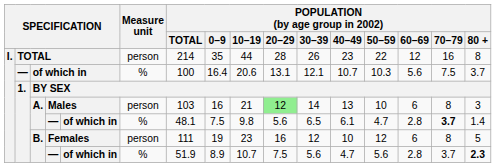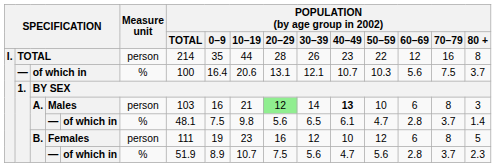 <table class="wikitable" style="font-size:85%; text-align:center">
 <tr>
 <th rowspan="2" colspan="5">SPECIFICATION</th>
 <th rowspan="2">Measure<br> unit</th>
 <th colspan="10" rowspan="1">POPULATION<br> (by age group in 2002)</th>
 </tr>
 <tr>
 <th>TOTAL</th>
 <th>0–9</th>
 <th>10–19</th>
 <th>20–29</th>
 <th>30–39</th>
 <th>40–49</th>
 <th>50–59</th>
 <th>60–69</th>
 <th>70–79</th>
 <th>80 +</th>
 </tr>
 <tr>
 <th style="text-align:left" valign="top" rowspan="7">I.</th>
 <th style="text-align:left" colspan="4">TOTAL</th>
 <td>person</td>
 <td>214</td>
 <td>35</td>
 <td>44</td>
 <td>28</td>
 <td>26</td>
 <td>23</td>
 <td>22</td>
 <td>12</td>
 <td>16</td>
 <td>8</td>
 </tr>
 <tr>
 <th style="text-align:left" valign="top">—</th>
 <th style="text-align:left" colspan="3">of which in</th>
 <td>%</td>
 <td>100</td>
 <td>16.4</td>
 <td>20.6</td>
 <td>13.1</td>
 <td>12.1</td>
 <td>10.7</td>
 <td>10.3</td>
 <td>5.6</td>
 <td>7.5</td>
 <td>3.7</td>
 </tr>
 <tr>
 <th style="text-align:left" valign="top" rowspan="5">1.</th>
 <th style="text-align:left" colspan="14">BY SEX</th>
 </tr>
 <tr>
 <th style="text-align:left" valign="top" rowspan="2">A.</th>
 <th style="text-align:left" colspan="2">Males</th>
 <td>person</td>
 <td>103</td>
 <td>16</td>
 <td>21</td>
 <td style="background: lightgreen;">12</td>
 <td>14</td>
-<td>13</td>
+<td><strong>13</strong></td>
 <td>10</td>
 <td>6</td>
 <td>8</td>
 <td>3</td>
 </tr>
 <tr>
 <th style="text-align:left" valign="top">—</th>
 <th style="text-align:left" colspan="1">of which in</th>
 <td>%</td>
 <td>48.1</td>
 <td>7.5</td>
 <td>9.8</td>
 <td>5.6</td>
 <td>6.5</td>
 <td>6.1</td>
 <td>4.7</td>
 <td>2.8</td>
-<td><strong>3.7</strong></td>
+<td>3.7</td>
 <td>1.4</td>
 </tr>
 <tr>
 <th style="text-align:left" valign="top" rowspan="2">B.</th>
 <th style="text-align:left" colspan="2">Females</th>
 <td>person</td>
 <td>111</td>
 <td>19</td>
 <td>23</td>
 <td>16</td>
 <td>12</td>
 <td>10</td>
 <td>12</td>
 <td>6</td>
 <td>8</td>
 <td>5</td>
 </tr>
 <tr>
 <th style="text-align:left" valign="top">—</th>
 <th style="text-align:left" colspan="1">of which in</th>
 <td>%</td>
 <td>51.9</td>
 <td>8.9</td>
 <td>10.7</td>
 <td>7.5</td>
 <td>5.6</td>
 <td>4.7</td>
 <td>5.6</td>
 <td>2.8</td>
 <td>3.7</td>
-<td><strong>2.3</strong></td>
+<td>2.3</td>
 </tr>
 </table>
